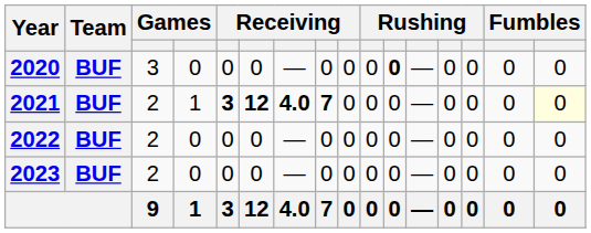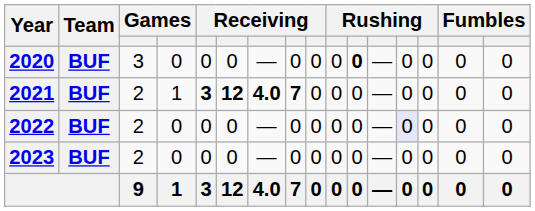 <table class="wikitable" style="text-align:center;">
 <tr>
 <th rowspan="2">Year</th>
 <th rowspan="2">Team</th>
 <th colspan="2">Games</th>
 <th colspan="5">Receiving</th>
 <th colspan="5">Rushing</th>
 <th colspan="2">Fumbles</th>
 </tr>
 <tr>
 <th></th>
 <th></th>
 <th></th>
 <th></th>
 <th></th>
 <th></th>
 <th></th>
 <th></th>
 <th></th>
 <th></th>
 <th></th>
 <th></th>
 <th></th>
 <th></th>
 </tr>
 <tr>
 <th><a href='#'>2020</a></th>
 <th><a href='#'>BUF</a></th>
 <td>3</td>
 <td>0</td>
 <td>0</td>
 <td>0</td>
 <td>—</td>
 <td>0</td>
 <td>0</td>
 <td>0</td>
 <td><strong>0</strong></td>
 <td>—</td>
 <td>0</td>
 <td>0</td>
 <td>0</td>
 <td>0</td>
 </tr>
 <tr>
 <th><a href='#'>2021</a></th>
 <th><a href='#'>BUF</a></th>
 <td>2</td>
 <td>1</td>
 <td><strong>3</strong></td>
 <td><strong>12</strong></td>
 <td><strong>4.0</strong></td>
 <td><strong>7</strong></td>
 <td>0</td>
 <td>0</td>
 <td>0</td>
 <td>—</td>
 <td>0</td>
 <td>0</td>
 <td>0</td>
-<td style="background: lightyellow;">0</td>
+<td>0</td>
 </tr>
 <tr>
 <th><a href='#'>2022</a></th>
 <th><a href='#'>BUF</a></th>
 <td>2</td>
 <td>0</td>
 <td>0</td>
 <td>0</td>
 <td>—</td>
 <td>0</td>
 <td>0</td>
 <td>0</td>
 <td>0</td>
 <td>—</td>
-<td>0</td>
+<td style="background: lavender;">0</td>
 <td>0</td>
 <td>0</td>
 <td>0</td>
 </tr>
 <tr>
 <th><a href='#'>2023</a></th>
 <th><a href='#'>BUF</a></th>
 <td>2</td>
 <td>0</td>
 <td>0</td>
 <td>0</td>
 <td>—</td>
 <td>0</td>
 <td>0</td>
 <td>0</td>
 <td>0</td>
 <td>—</td>
 <td>0</td>
 <td>0</td>
 <td>0</td>
 <td>0</td>
 </tr>
 <tr>
 <th colspan="2"></th>
 <th>9</th>
 <th>1</th>
 <th>3</th>
 <th>12</th>
 <th>4.0</th>
 <th>7</th>
 <th>0</th>
 <th>0</th>
 <th>0</th>
 <th>—</th>
 <th>0</th>
 <th>0</th>
 <th>0</th>
 <th>0</th>
 </tr>
 </table>
